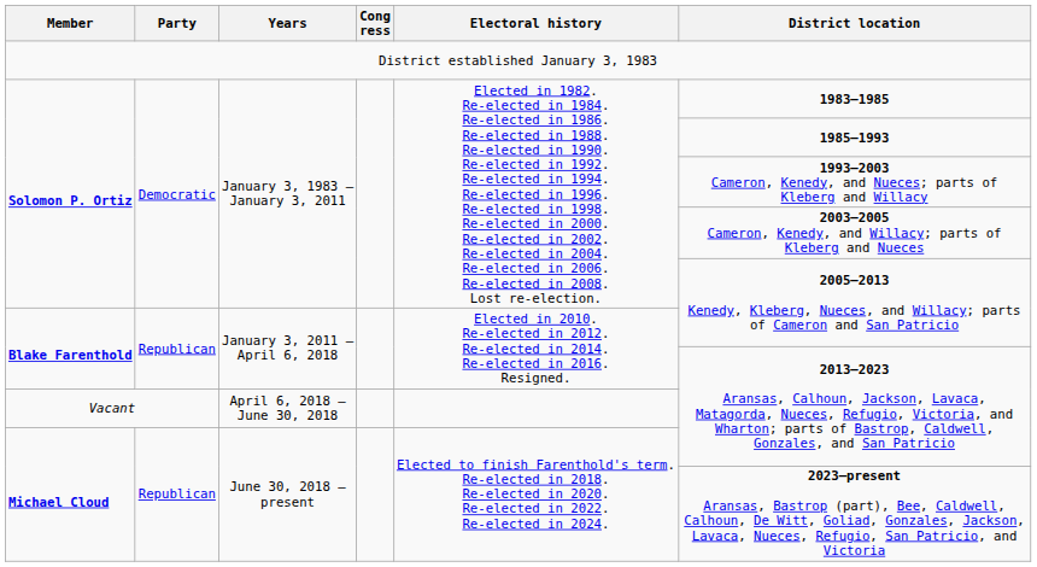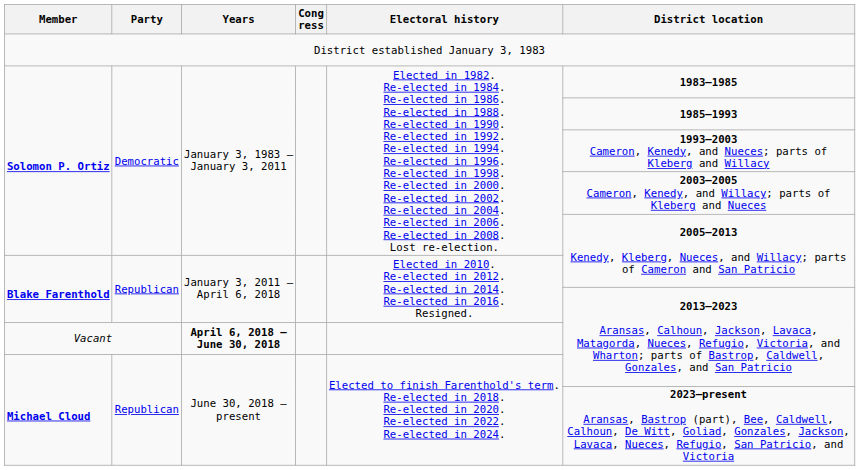 <table class=wikitable style="text-align:center">
 <tr>
 <th>Member</th>
 <th>Party</th>
 <th>Years</th>
 <th>Cong<br>ress</th>
 <th>Electoral history</th>
 <th width=350>District location</th>
 </tr>
 <tr style="height:3em">
 <td colspan=6>District established January 3, 1983</td>
 </tr>
 <tr style="height:3em">
 <td rowspan=5 align=left><br><strong><a href='#'>Solomon P. Ortiz</a></strong><br></td>
 <td rowspan=5 ><a href='#'>Democratic</a></td>
 <td rowspan=5 nowrap>January 3, 1983 –<br>January 3, 2011</td>
 <td rowspan=5></td>
 <td rowspan=5><a href='#'>Elected in 1982</a>.<br><a href='#'>Re-elected in 1984</a>.<br><a href='#'>Re-elected in 1986</a>.<br><a href='#'>Re-elected in 1988</a>.<br><a href='#'>Re-elected in 1990</a>.<br><a href='#'>Re-elected in 1992</a>.<br><a href='#'>Re-elected in 1994</a>.<br><a href='#'>Re-elected in 1996</a>.<br><a href='#'>Re-elected in 1998</a>.<br><a href='#'>Re-elected in 2000</a>.<br><a href='#'>Re-elected in 2002</a>.<br><a href='#'>Re-elected in 2004</a>.<br><a href='#'>Re-elected in 2006</a>.<br><a href='#'>Re-elected in 2008</a>.<br>Lost re-election.</td>
 <td><strong>1983–1985</strong><br></td>
 </tr>
 <tr style="height:3em">
 <td><strong>1985–1993</strong><br></td>
 </tr>
 <tr style="height:3em">
 <td><strong>1993–2003</strong><br><a href='#'>Cameron</a>, <a href='#'>Kenedy</a>, and <a href='#'>Nueces</a>; parts of <a href='#'>Kleberg</a> and <a href='#'>Willacy</a></td>
 </tr>
 <tr style="height:3em">
 <td><strong>2003–2005</strong><br><a href='#'>Cameron</a>, <a href='#'>Kenedy</a>, and <a href='#'>Willacy</a>; parts of <a href='#'>Kleberg</a> and <a href='#'>Nueces</a></td>
 </tr>
 <tr style="height:3em">
 <td rowspan=2><strong>2005–2013</strong><br><br><a href='#'>Kenedy</a>, <a href='#'>Kleberg</a>, <a href='#'>Nueces</a>, and <a href='#'>Willacy</a>; parts of <a href='#'>Cameron</a> and <a href='#'>San Patricio</a></td>
 </tr>
 <tr style="height:3em">
 <td rowspan=2 align=left><br><strong><a href='#'>Blake Farenthold</a></strong><br></td>
 <td rowspan=2 ><a href='#'>Republican</a></td>
 <td rowspan=2 nowrap>January 3, 2011 –<br>April 6, 2018</td>
 <td rowspan=2></td>
 <td rowspan=2><a href='#'>Elected in 2010</a>.<br><a href='#'>Re-elected in 2012</a>.<br><a href='#'>Re-elected in 2014</a>.<br><a href='#'>Re-elected in 2016</a>.<br>Resigned.</td>
 </tr>
 <tr style="height:3em">
 <td rowspan=3><strong>2013–2023</strong><br><br><a href='#'>Aransas</a>, <a href='#'>Calhoun</a>, <a href='#'>Jackson</a>, <a href='#'>Lavaca</a>, <a href='#'>Matagorda</a>, <a href='#'>Nueces</a>, <a href='#'>Refugio</a>, <a href='#'>Victoria</a>, and <a href='#'>Wharton</a>; parts of <a href='#'>Bastrop</a>, <a href='#'>Caldwell</a>, <a href='#'>Gonzales</a>, and <a href='#'>San Patricio</a></td>
 </tr>
 <tr style="height:3em">
 <td colspan=2><em>Vacant</em></td>
-<td nowrap>April 6, 2018 –<br>June 30, 2018</td>
+<td nowrap><strong>April 6, 2018 –<br>June 30, 2018</strong></td>
 <td></td>
 <td></td>
 </tr>
 <tr style="height:3em">
 <td rowspan=2 align=left><br><strong><a href='#'>Michael Cloud</a></strong><br></td>
 <td rowspan=2 ><a href='#'>Republican</a></td>
 <td rowspan=2 nowrap>June 30, 2018 –<br>present</td>
 <td rowspan=2></td>
 <td rowspan=2><a href='#'>Elected to finish Farenthold's term</a>.<br><a href='#'>Re-elected in 2018</a>.<br><a href='#'>Re-elected in 2020</a>.<br><a href='#'>Re-elected in 2022</a>.<br><a href='#'>Re-elected in 2024</a>.</td>
 </tr>
 <tr style="height:3em">
 <td><strong>2023–present</strong><br><br> <a href='#'>Aransas</a>, <a href='#'>Bastrop</a> (part), <a href='#'>Bee</a>, <a href='#'>Caldwell</a>, <a href='#'>Calhoun</a>, <a href='#'>De Witt</a>, <a href='#'>Goliad</a>, <a href='#'>Gonzales</a>, <a href='#'>Jackson</a>, <a href='#'>Lavaca</a>, <a href='#'>Nueces</a>, <a href='#'>Refugio</a>, <a href='#'>San Patricio</a>, and <a href='#'>Victoria</a></td>
 </tr>
 </table>
